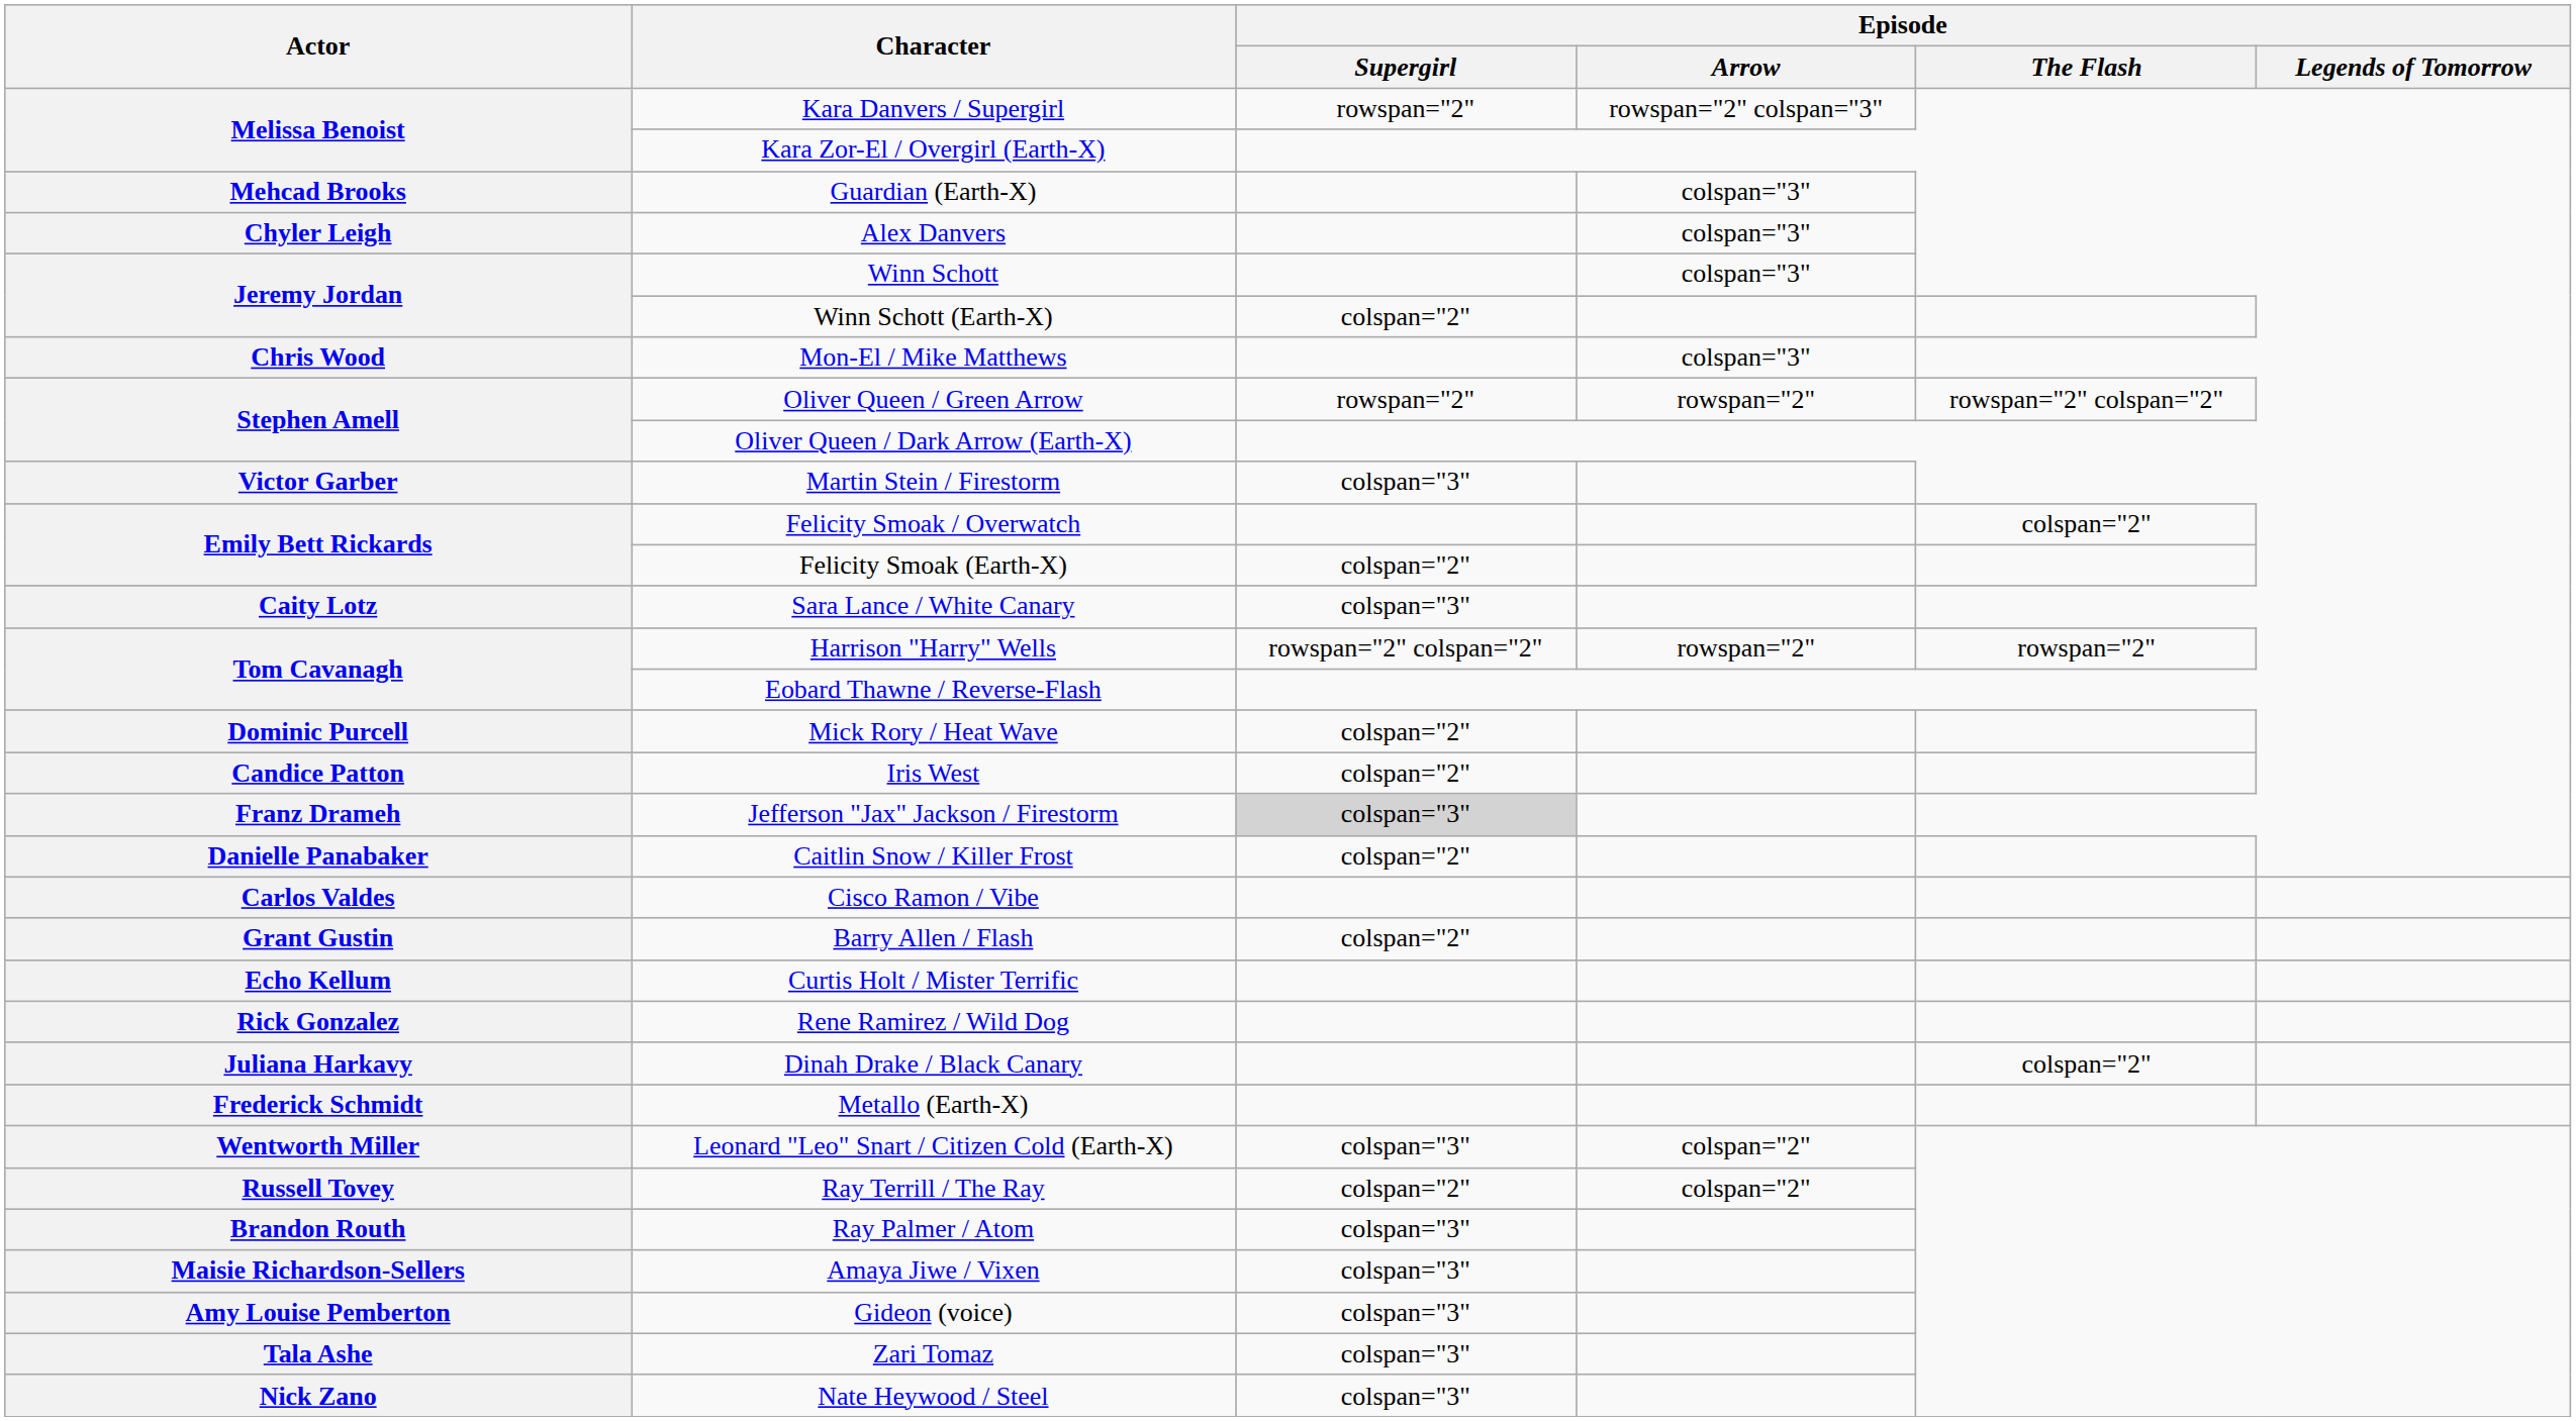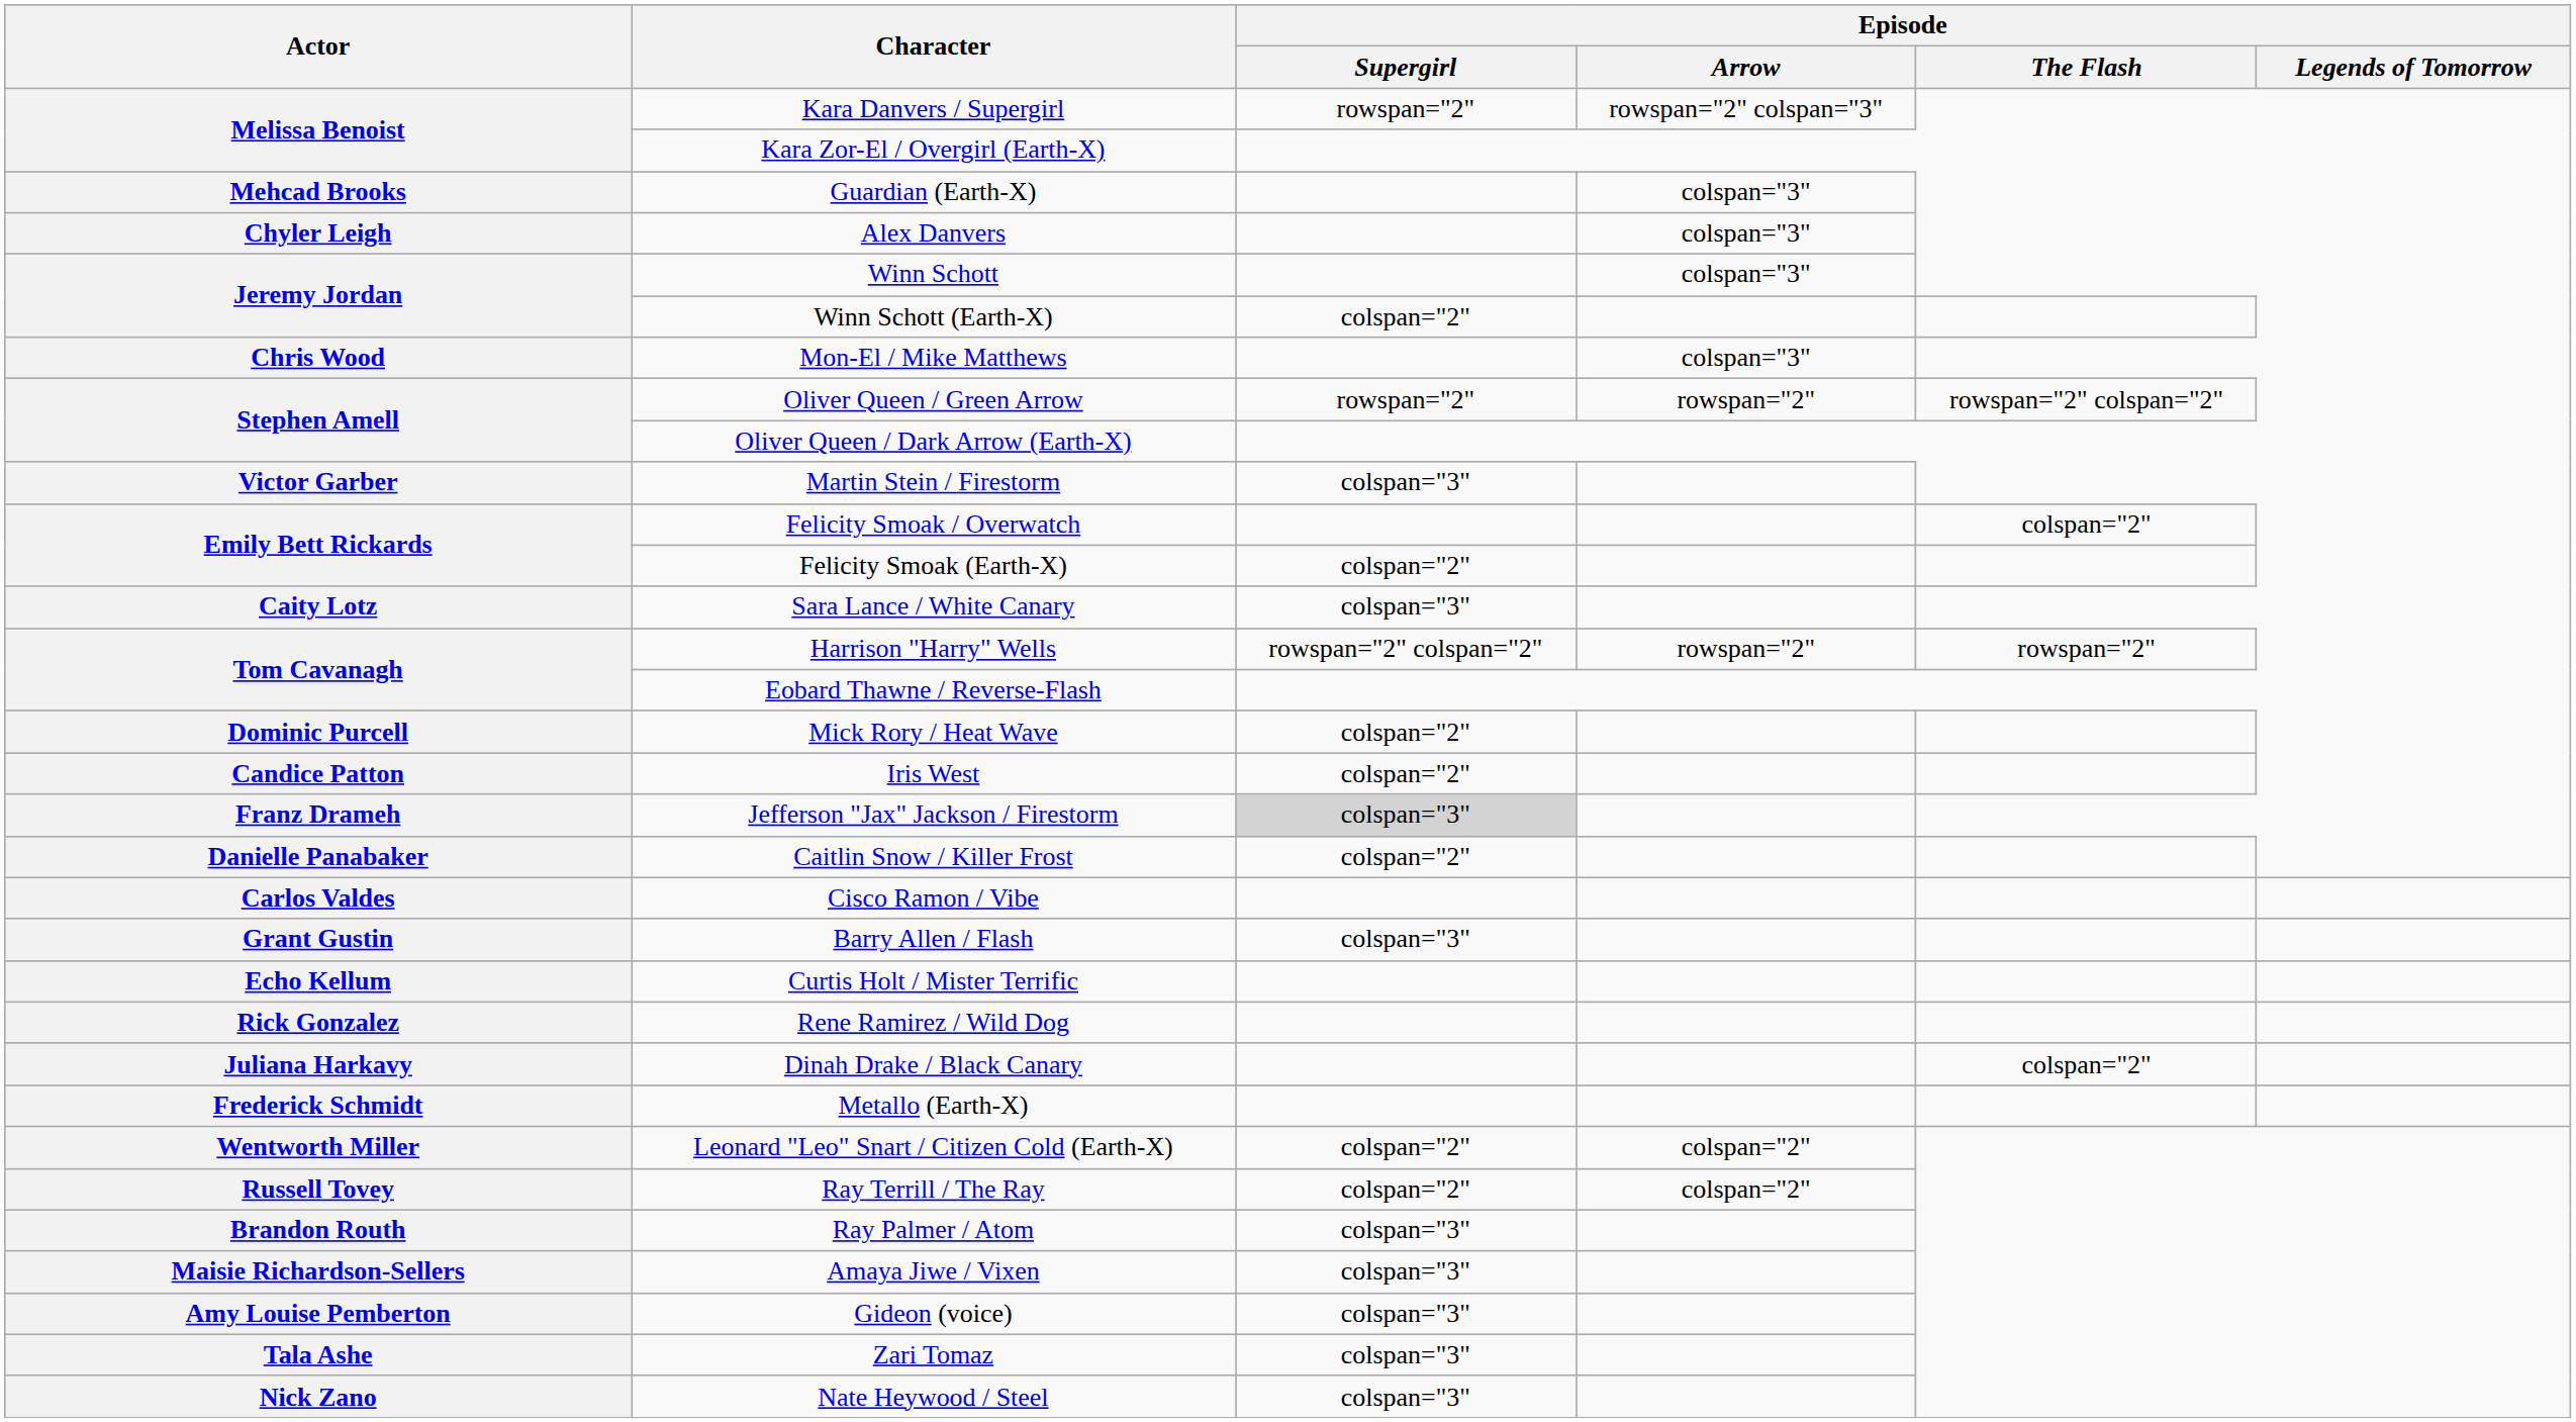 <table class="wikitable plainrowheaders" style="text-align:center;">
 <tr>
 <th scope="col" rowspan="2" style="width:5%;">Actor</th>
 <th scope="col" rowspan="2" style="width:5%;">Character</th>
 <th scope="col" colspan="4">Episode</th>
 </tr>
 <tr>
 <th scope="col" style="width:2%;"><em>Supergirl</em></th>
 <th scope="col" style="width:2%;"><em>Arrow</em></th>
 <th scope="col" style="width:2%;"><em>The Flash</em></th>
 <th scope="col" style="width:2%;"><em>Legends of Tomorrow</em></th>
 </tr>
 <tr>
 <th scope="row" rowspan="2" style="text-align:center;"><a href='#'>Melissa Benoist</a></th>
 <td><a href='#'>Kara Danvers / Supergirl</a></td>
 <td>rowspan="2" </td>
 <td>rowspan="2" colspan="3" </td>
 </tr>
 <tr>
 <td><a href='#'>Kara Zor-El / Overgirl (Earth-X)</a></td>
 </tr>
 <tr>
 <th scope="row" style="text-align:center;"><a href='#'>Mehcad Brooks</a></th>
 <td><a href='#'>Guardian</a> (Earth-X)</td>
 <td></td>
 <td>colspan="3" </td>
 </tr>
 <tr>
 <th scope="row" style="text-align:center;"><a href='#'>Chyler Leigh</a></th>
 <td><a href='#'>Alex Danvers</a></td>
 <td></td>
 <td>colspan="3" </td>
 </tr>
 <tr>
 <th scope="row" rowspan="2" style="text-align:center;"><a href='#'>Jeremy Jordan</a></th>
 <td><a href='#'>Winn Schott</a></td>
 <td></td>
 <td>colspan="3" </td>
 </tr>
 <tr>
 <td>Winn Schott (Earth-X)</td>
 <td>colspan="2" </td>
 <td></td>
 <td></td>
 </tr>
 <tr>
 <th scope="row" style="text-align:center;"><a href='#'>Chris Wood</a></th>
 <td><a href='#'>Mon-El / Mike Matthews</a></td>
 <td></td>
 <td>colspan="3" </td>
 </tr>
 <tr>
 <th scope="row" rowspan="2" style="text-align:center;"><a href='#'>Stephen Amell</a></th>
 <td><a href='#'>Oliver Queen / Green Arrow</a></td>
 <td>rowspan="2" </td>
 <td>rowspan="2" </td>
 <td>rowspan="2" colspan="2" </td>
 </tr>
 <tr>
 <td><a href='#'>Oliver Queen / Dark Arrow (Earth-X)</a></td>
 </tr>
 <tr>
 <th scope="row" style="text-align:center;"><a href='#'>Victor Garber</a></th>
 <td><a href='#'>Martin Stein / Firestorm</a></td>
 <td>colspan="3" </td>
 <td></td>
 </tr>
 <tr>
 <th scope="row" rowspan="2" style="text-align:center;"><a href='#'>Emily Bett Rickards</a></th>
 <td><a href='#'>Felicity Smoak / Overwatch</a></td>
 <td></td>
 <td></td>
 <td>colspan="2" </td>
 </tr>
 <tr>
 <td>Felicity Smoak (Earth-X)</td>
 <td>colspan="2" </td>
 <td></td>
 <td></td>
 </tr>
 <tr>
 <th scope="row" style="text-align:center;"><a href='#'>Caity Lotz</a></th>
 <td><a href='#'>Sara Lance / White Canary</a></td>
 <td>colspan="3" </td>
 <td></td>
 </tr>
 <tr>
 <th scope="row" rowspan="2" style="text-align:center;"><a href='#'>Tom Cavanagh</a></th>
 <td><a href='#'>Harrison "Harry" Wells</a></td>
 <td>rowspan="2" colspan="2" </td>
 <td>rowspan="2" </td>
 <td>rowspan="2" </td>
 </tr>
 <tr>
 <td><a href='#'>Eobard Thawne / Reverse-Flash</a></td>
 </tr>
 <tr>
 <th scope="row" style="text-align:center;"><a href='#'>Dominic Purcell</a></th>
 <td><a href='#'>Mick Rory / Heat Wave</a></td>
 <td>colspan="2" </td>
 <td></td>
 <td></td>
 </tr>
 <tr>
 <th scope="row" style="text-align:center;"><a href='#'>Candice Patton</a></th>
 <td><a href='#'>Iris West</a></td>
 <td>colspan="2" </td>
 <td></td>
 <td></td>
 </tr>
 <tr>
 <th scope="row" style="text-align:center;"><a href='#'>Franz Drameh</a></th>
 <td><a href='#'>Jefferson "Jax" Jackson / Firestorm</a></td>
 <td style="background: lightgrey;">colspan="3" </td>
 <td></td>
 </tr>
 <tr>
 <th scope="row" style="text-align:center;"><a href='#'>Danielle Panabaker</a></th>
 <td><a href='#'>Caitlin Snow / Killer Frost</a></td>
 <td>colspan="2" </td>
 <td></td>
 <td></td>
 </tr>
 <tr>
 <th scope="row" style="text-align:center;"><a href='#'>Carlos Valdes</a></th>
 <td><a href='#'>Cisco Ramon / Vibe</a></td>
 <td></td>
 <td></td>
 <td></td>
 <td></td>
 </tr>
 <tr>
 <th scope="row" style="text-align:center;"><a href='#'>Grant Gustin</a></th>
 <td><a href='#'>Barry Allen / Flash</a></td>
-<td>colspan="2" </td>
+<td>colspan="3" </td>
 <td></td>
 <td></td>
 </tr>
 <tr>
 <th scope="row" style="text-align:center;"><a href='#'>Echo Kellum</a></th>
 <td><a href='#'>Curtis Holt / Mister Terrific</a></td>
 <td></td>
 <td></td>
 <td></td>
 <td></td>
 </tr>
 <tr>
 <th scope="row" style="text-align:center;"><a href='#'>Rick Gonzalez</a></th>
 <td><a href='#'>Rene Ramirez / Wild Dog</a></td>
 <td></td>
 <td></td>
 <td></td>
 <td></td>
 </tr>
 <tr>
 <th scope="row" style="text-align:center;"><a href='#'>Juliana Harkavy</a></th>
 <td><a href='#'>Dinah Drake / Black Canary</a></td>
 <td></td>
 <td></td>
 <td>colspan="2" </td>
 </tr>
 <tr>
 <th scope="row" style="text-align:center;"><a href='#'>Frederick Schmidt</a></th>
 <td><a href='#'>Metallo</a> (Earth-X)</td>
 <td></td>
 <td></td>
 <td></td>
 <td><br></td>
 </tr>
 <tr>
 <th scope="row" style="text-align:center;"><a href='#'>Wentworth Miller</a></th>
 <td><a href='#'>Leonard "Leo" Snart / Citizen Cold</a> (Earth-X)</td>
-<td>colspan="3" </td>
+<td>colspan="2" </td>
 <td>colspan="2" </td>
 </tr>
 <tr>
 <th scope="row" style="text-align:center;"><a href='#'>Russell Tovey</a></th>
 <td><a href='#'>Ray Terrill / The Ray</a></td>
 <td>colspan="2" </td>
 <td>colspan="2" <br></td>
 </tr>
 <tr>
 <th scope="row" style="text-align:center;"><a href='#'>Brandon Routh</a></th>
 <td><a href='#'>Ray Palmer / Atom</a></td>
 <td>colspan="3" </td>
 <td></td>
 </tr>
 <tr>
 <th scope="row" style="text-align:center;"><a href='#'>Maisie Richardson-Sellers</a></th>
 <td><a href='#'>Amaya Jiwe / Vixen</a></td>
 <td>colspan="3" </td>
 <td></td>
 </tr>
 <tr>
 <th scope="row" style="text-align:center;"><a href='#'>Amy Louise Pemberton</a></th>
 <td><a href='#'>Gideon</a> (voice)</td>
 <td>colspan="3" </td>
 <td></td>
 </tr>
 <tr>
 <th scope="row" style="text-align:center;"><a href='#'>Tala Ashe</a></th>
 <td><a href='#'>Zari Tomaz</a></td>
 <td>colspan="3" </td>
 <td></td>
 </tr>
 <tr>
 <th scope="row" style="text-align:center;"><a href='#'>Nick Zano</a></th>
 <td><a href='#'>Nate Heywood / Steel</a></td>
 <td>colspan="3" </td>
 <td></td>
 </tr>
 <tr>
 </tr>
 </table>
